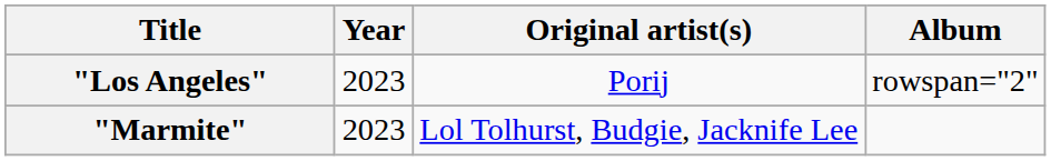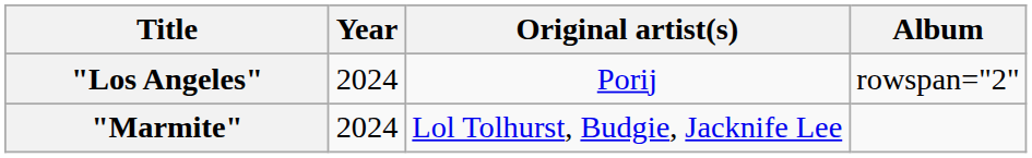 <table class="wikitable plainrowheaders" style="text-align:center;">
 <tr>
 <th scope="col" style="width:10em;">Title</th>
 <th scope="col">Year</th>
 <th scope="col">Original artist(s)</th>
 <th scope="col">Album</th>
 </tr>
 <tr>
 <th scope="row">"Los Angeles"<br></th>
-<td>2023</td>
+<td>2024</td>
 <td><a href='#'>Porij</a></td>
 <td>rowspan="2" </td>
 </tr>
 <tr>
 <th scope="row">"Marmite"</th>
-<td>2023</td>
+<td>2024</td>
 <td><a href='#'>Lol Tolhurst</a>, <a href='#'>Budgie</a>, <a href='#'>Jacknife Lee</a></td>
 </tr>
 </table>
